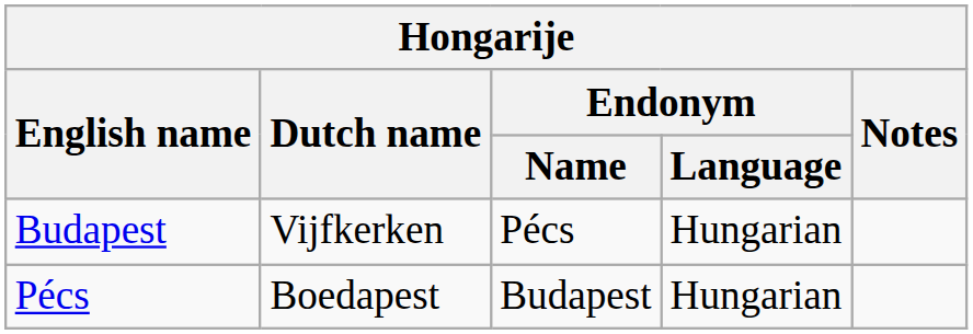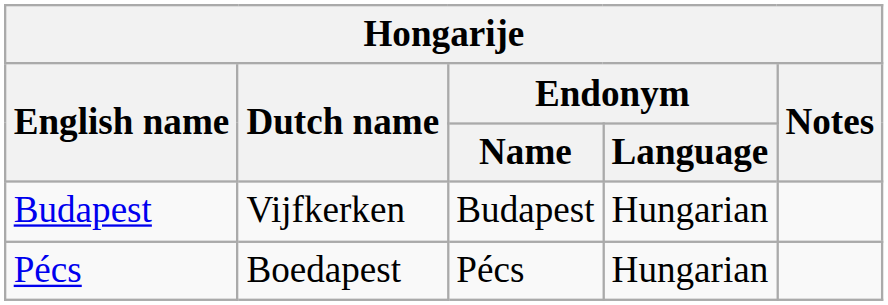 <table class="wikitable sortable">
 <tr>
 <th colspan="5"> Hongarije</th>
 </tr>
 <tr>
 <th rowspan="2">English name</th>
 <th rowspan="2">Dutch name</th>
 <th colspan="2">Endonym</th>
 <th rowspan="2">Notes</th>
 </tr>
 <tr>
 <th>Name</th>
 <th>Language</th>
 </tr>
 <tr>
 <td><a href='#'>Budapest</a></td>
 <td>Vijfkerken</td>
-<td>Pécs</td>
+<td>Budapest</td>
 <td>Hungarian</td>
 </tr>
 <tr>
 <td><a href='#'>Pécs</a></td>
 <td>Boedapest</td>
-<td>Budapest</td>
+<td>Pécs</td>
 <td>Hungarian</td>
 <td></td>
 </tr>
 </table>
